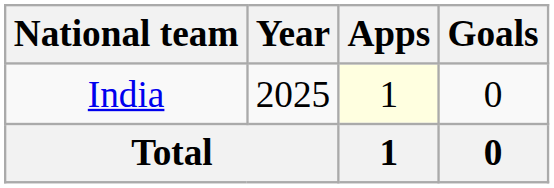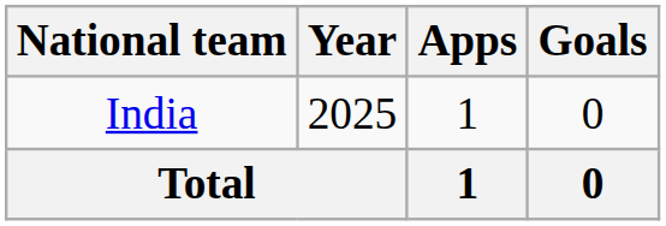 <table class="wikitable" style="text-align: center;">
 <tr>
 <th>National team</th>
 <th>Year</th>
 <th>Apps</th>
 <th>Goals</th>
 </tr>
 <tr>
 <td><a href='#'>India</a></td>
 <td>2025</td>
-<td style="background: lightyellow;">1</td>
+<td>1</td>
 <td>0</td>
 </tr>
 <tr>
 <th colspan="2">Total</th>
 <th>1</th>
 <th>0</th>
 </tr>
 </table>
